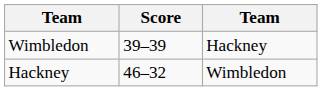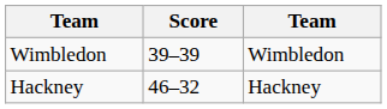 <table class="wikitable" style="font-size: 100%">
 <tr>
 <th width=100>Team</th>
 <th width=70>Score</th>
 <th width=100>Team</th>
 </tr>
 <tr>
 <td>Wimbledon</td>
 <td>39–39</td>
-<td>Hackney</td>
+<td>Wimbledon</td>
 </tr>
 <tr>
 <td>Hackney</td>
 <td>46–32</td>
-<td>Wimbledon</td>
+<td>Hackney</td>
 </tr>
 </table>
